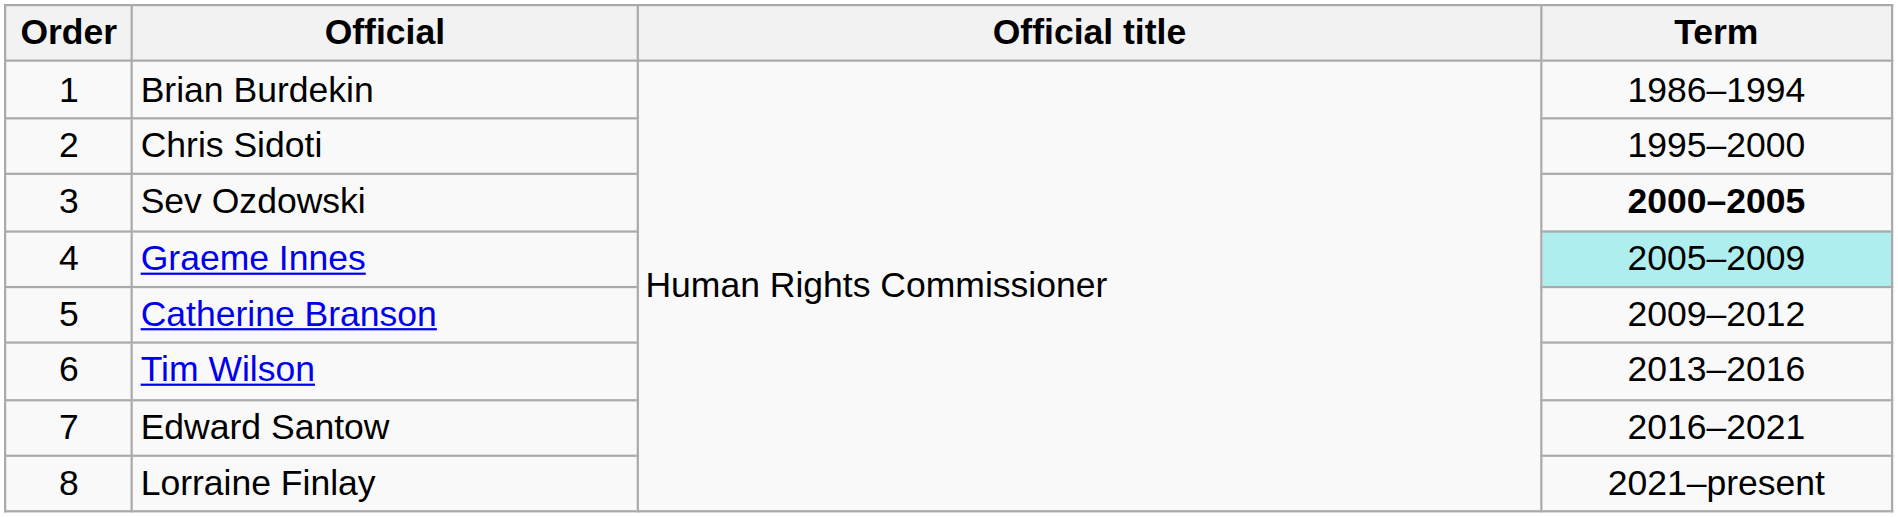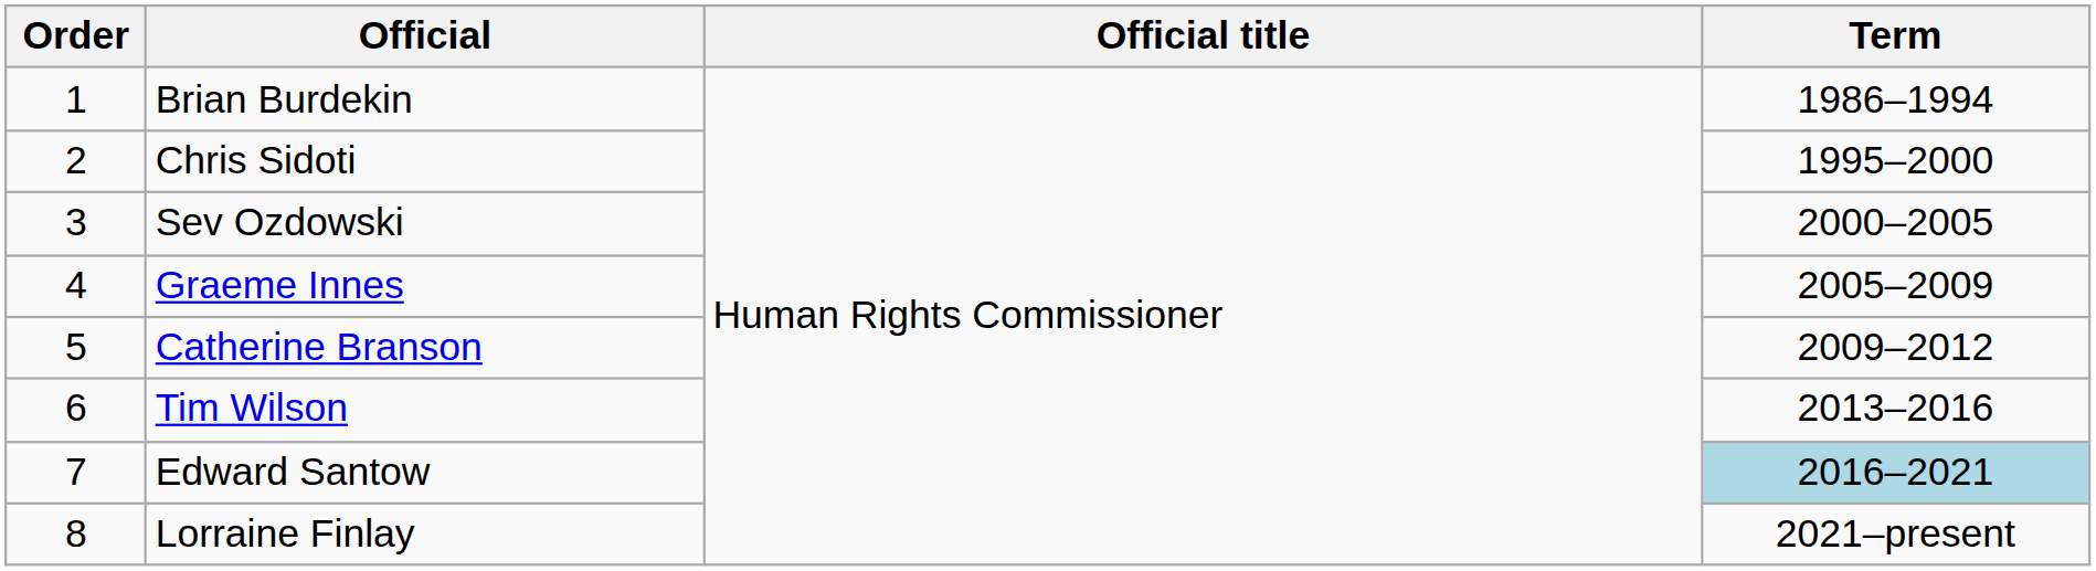 <table class="wikitable">
 <tr>
 <th width=50>Order</th>
 <th width=220>Official</th>
 <th width=400>Official title</th>
 <th width=150>Term</th>
 </tr>
 <tr>
 <td align=center>1</td>
 <td>Brian Burdekin</td>
 <td rowspan="8">Human Rights Commissioner</td>
 <td align=center>1986–1994</td>
 </tr>
 <tr>
 <td align=center>2</td>
 <td>Chris Sidoti</td>
 <td align=center>1995–2000</td>
 </tr>
 <tr>
 <td align=center>3</td>
 <td>Sev Ozdowski</td>
-<td align=center><strong>2000–2005</strong></td>
+<td align=center>2000–2005</td>
 </tr>
 <tr>
 <td align=center>4</td>
 <td><a href='#'>Graeme Innes</a></td>
-<td align=center style="background: paleturquoise;">2005–2009</td>
+<td align=center>2005–2009</td>
 </tr>
 <tr>
 <td align=center>5</td>
 <td><a href='#'>Catherine Branson</a></td>
 <td align=center>2009–2012</td>
 </tr>
 <tr>
 <td align=center>6</td>
 <td><a href='#'>Tim Wilson</a></td>
 <td align=center>2013–2016</td>
 </tr>
 <tr>
 <td align=center>7</td>
 <td>Edward Santow</td>
-<td align=center>2016–2021</td>
+<td align=center style="background: lightblue;">2016–2021</td>
 </tr>
 <tr>
 <td align=center>8</td>
 <td>Lorraine Finlay</td>
 <td align=center>2021–present</td>
 </tr>
 </table>
